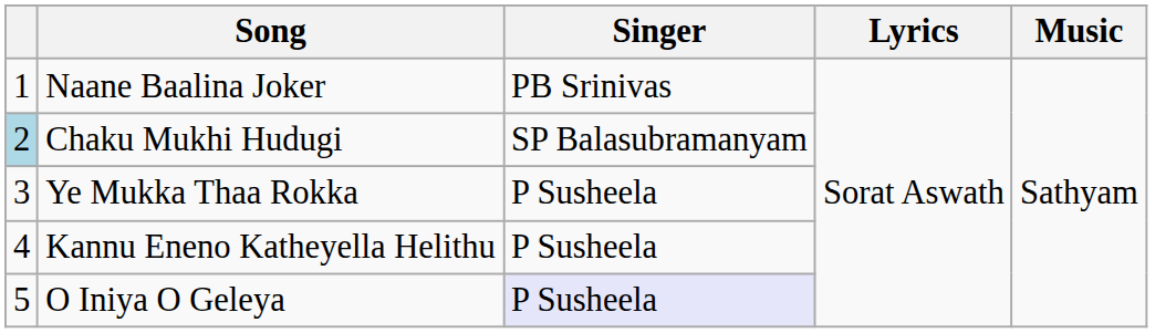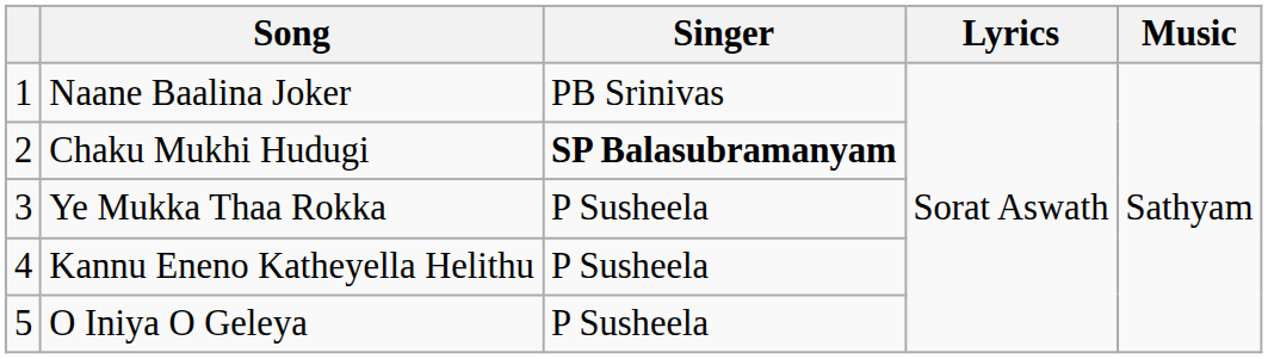 <table class="wikitable">
 <tr>
 <th></th>
 <th>Song</th>
 <th>Singer</th>
 <th>Lyrics</th>
 <th>Music</th>
 </tr>
 <tr>
 <td>1</td>
 <td>Naane Baalina Joker</td>
 <td>PB Srinivas</td>
 <td rowspan="5">Sorat Aswath</td>
 <td rowspan="5">Sathyam</td>
 </tr>
 <tr>
-<td style="background: lightblue;">2</td>
+<td>2</td>
 <td>Chaku Mukhi Hudugi</td>
-<td>SP Balasubramanyam</td>
+<td><strong>SP Balasubramanyam</strong></td>
 </tr>
 <tr>
 <td>3</td>
 <td>Ye Mukka Thaa Rokka</td>
 <td>P Susheela</td>
 </tr>
 <tr>
 <td>4</td>
 <td>Kannu Eneno Katheyella Helithu</td>
 <td>P Susheela</td>
 </tr>
 <tr>
 <td>5</td>
 <td>O Iniya O Geleya</td>
-<td style="background: lavender;">P Susheela</td>
+<td>P Susheela</td>
 </tr>
 </table>
